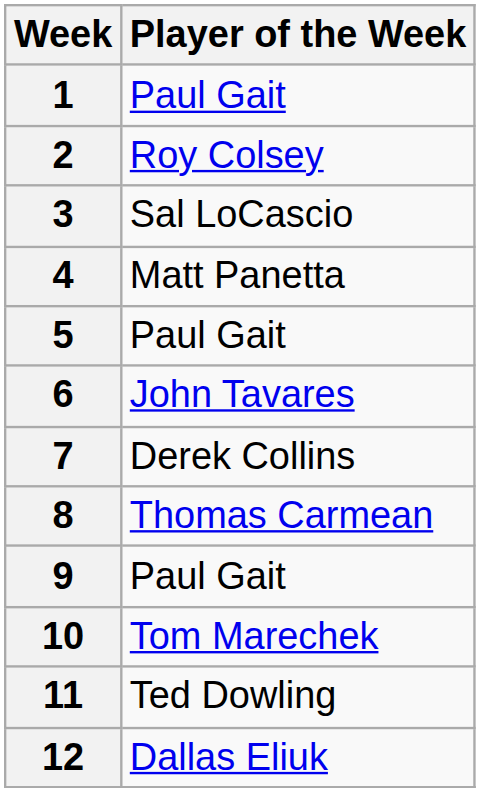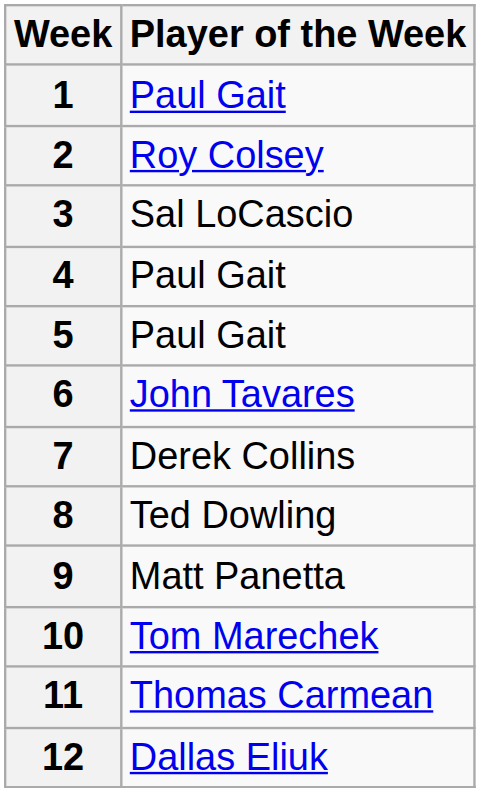 <table class="wikitable">
 <tr>
 <th>Week</th>
 <th>Player of the Week</th>
 </tr>
 <tr>
 <th>1</th>
 <td><a href='#'>Paul Gait</a></td>
 </tr>
 <tr>
 <th>2</th>
 <td><a href='#'>Roy Colsey</a></td>
 </tr>
 <tr>
 <th>3</th>
 <td>Sal LoCascio</td>
 </tr>
 <tr>
 <th>4</th>
-<td>Matt Panetta</td>
+<td>Paul Gait</td>
 </tr>
 <tr>
 <th>5</th>
 <td>Paul Gait</td>
 </tr>
 <tr>
 <th>6</th>
 <td><a href='#'>John Tavares</a></td>
 </tr>
 <tr>
 <th>7</th>
 <td>Derek Collins</td>
 </tr>
 <tr>
 <th>8</th>
-<td><a href='#'>Thomas Carmean</a></td>
+<td>Ted Dowling</td>
 </tr>
 <tr>
 <th>9</th>
-<td>Paul Gait</td>
+<td>Matt Panetta</td>
 </tr>
 <tr>
 <th>10</th>
 <td><a href='#'>Tom Marechek</a></td>
 </tr>
 <tr>
 <th>11</th>
-<td>Ted Dowling</td>
+<td><a href='#'>Thomas Carmean</a></td>
 </tr>
 <tr>
 <th>12</th>
 <td><a href='#'>Dallas Eliuk</a></td>
 </tr>
 <tr>
 </tr>
 </table>
